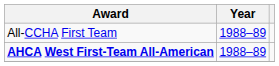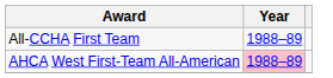 <table class="wikitable">
 <tr>
 <th>Award</th>
 <th>Year</th>
 <th></th>
 </tr>
 <tr>
 <td>All-<a href='#'>CCHA</a> <a href='#'>First Team</a></td>
 <td><a href='#'>1988–89</a></td>
 <td></td>
 </tr>
 <tr>
-<td><strong><a href='#'>AHCA</a> <a href='#'>West First-Team All-American</a></strong></td>
-<td><a href='#'>1988–89</a></td>
+<td><a href='#'>AHCA</a> <a href='#'>West First-Team All-American</a></td>
+<td style="background: pink;"><a href='#'>1988–89</a></td>
 <td></td>
 </tr>
 <tr>
 </tr>
 </table>
